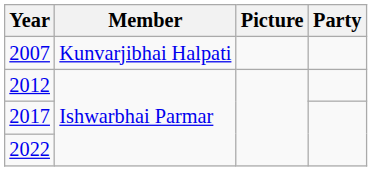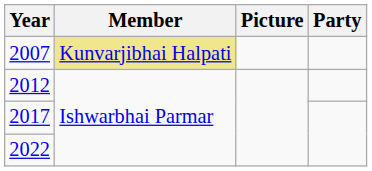 <table class="wikitable sortable">
 <tr>
 <th>Year</th>
 <th>Member</th>
 <th>Picture</th>
 <th colspan="2">Party</th>
 </tr>
 <tr>
 <td><a href='#'>2007</a></td>
-<td><a href='#'>Kunvarjibhai Halpati</a></td>
+<td style="background: khaki;"><a href='#'>Kunvarjibhai Halpati</a></td>
 <td></td>
 <td></td>
 </tr>
 <tr>
 <td><a href='#'>2012</a></td>
 <td rowspan=3><a href='#'>Ishwarbhai Parmar</a></td>
 <td rowspan=3></td>
 <td></td>
 </tr>
 <tr>
 <td><a href='#'>2017</a></td>
 </tr>
 <tr>
 <td><a href='#'>2022</a></td>
 </tr>
 </table>
